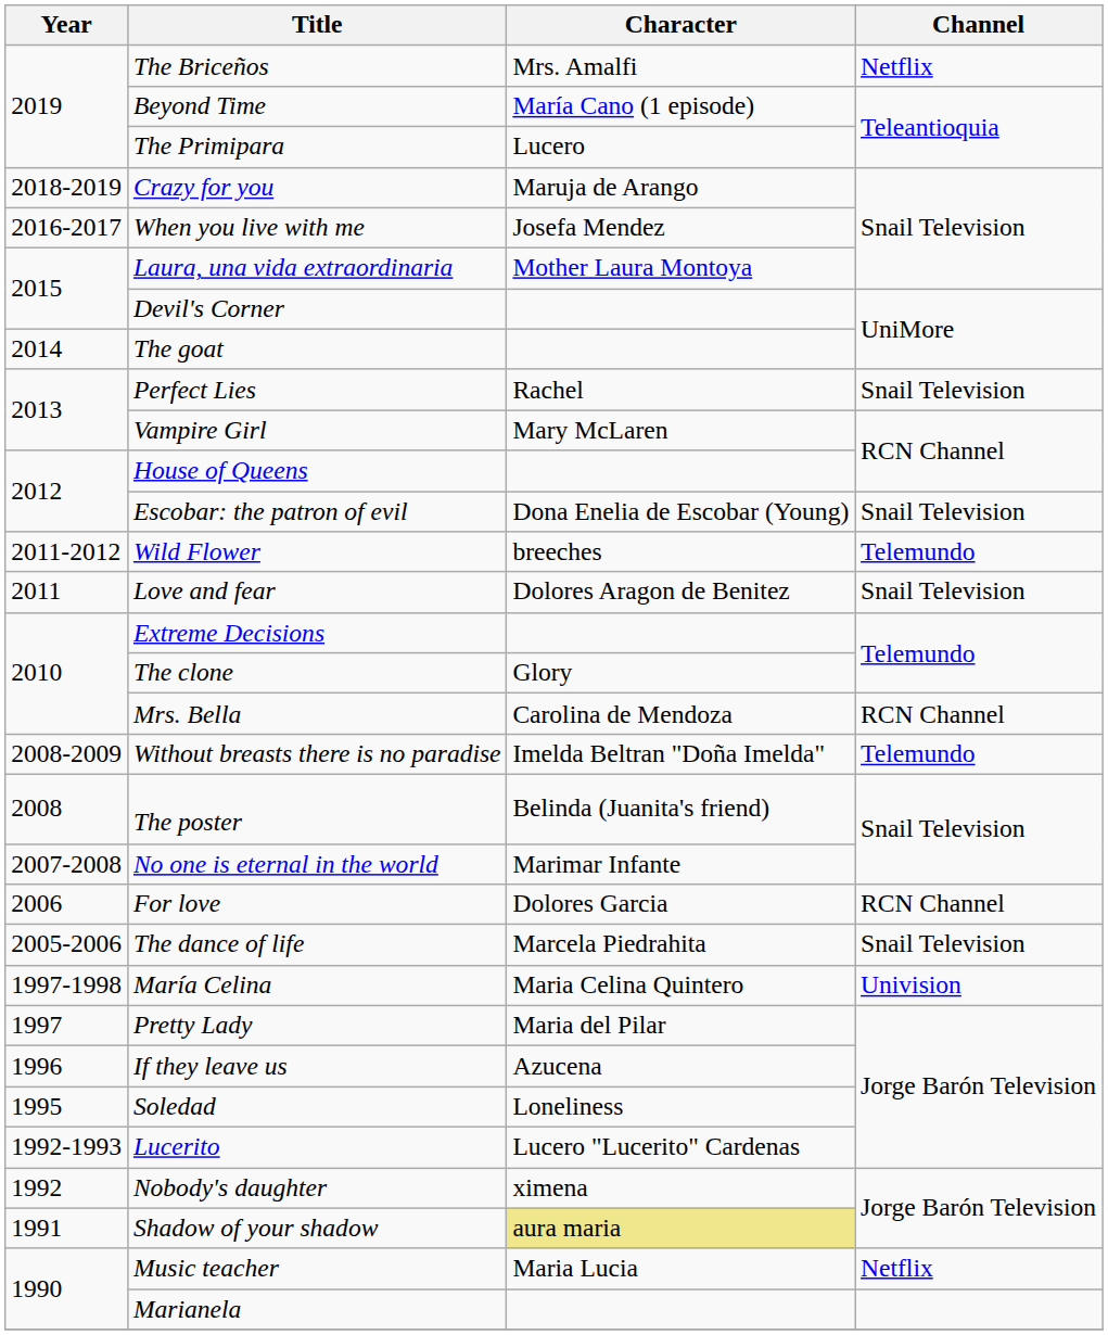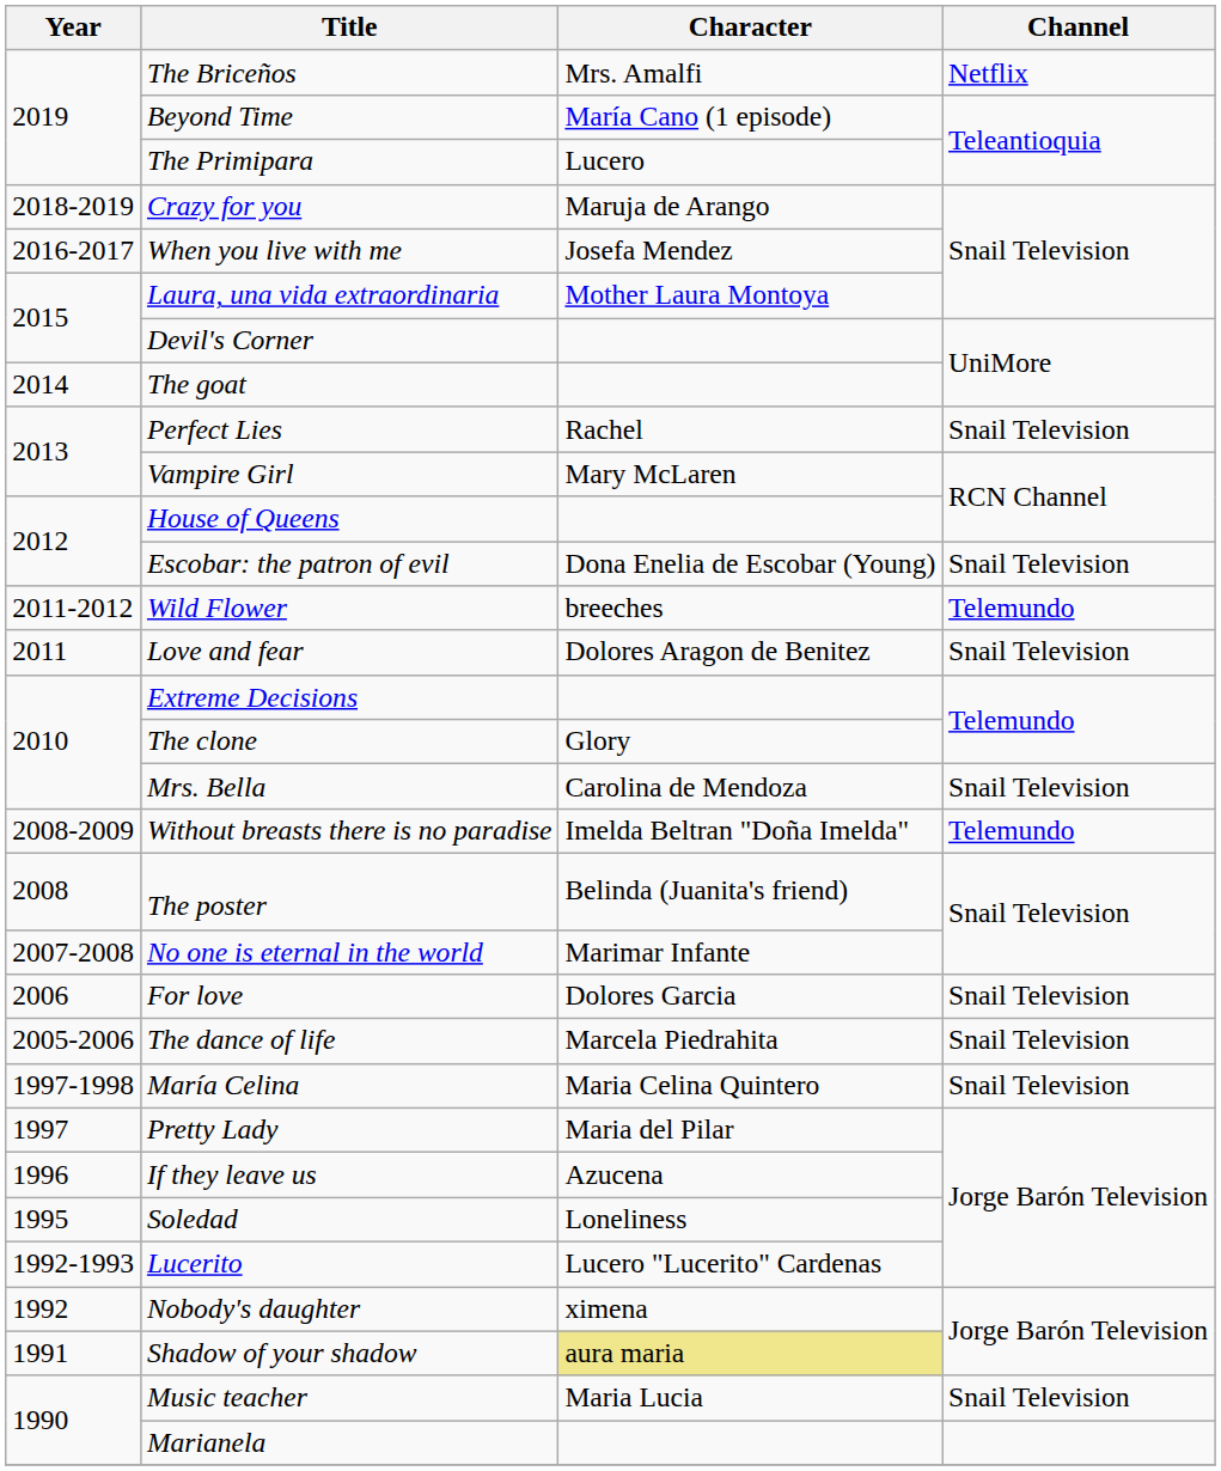 <table class="wikitable">
 <tr>
 <th>Year</th>
 <th>Title</th>
 <th>Character</th>
 <th>Channel</th>
 </tr>
 <tr>
 <td rowspan="3">2019</td>
 <td><em>The Briceños</em></td>
 <td>Mrs. Amalfi</td>
 <td><a href='#'>Netflix</a></td>
 </tr>
 <tr>
 <td><em>Beyond Time</em></td>
 <td><a href='#'>María Cano</a> (1 episode)</td>
 <td rowspan="2"><a href='#'>Teleantioquia</a></td>
 </tr>
 <tr>
 <td><em>The Primipara</em></td>
 <td>Lucero</td>
 </tr>
 <tr>
 <td>2018-2019</td>
 <td><em><a href='#'>Crazy for you</a></em></td>
 <td>Maruja de Arango</td>
 <td rowspan="3">Snail Television</td>
 </tr>
 <tr>
 <td>2016-2017</td>
 <td><em>When you live with me</em></td>
 <td>Josefa Mendez</td>
 </tr>
 <tr>
 <td rowspan="2">2015</td>
 <td><em><a href='#'>Laura, una vida extraordinaria</a></em></td>
 <td><a href='#'>Mother Laura Montoya</a></td>
 </tr>
 <tr>
 <td><em>Devil's Corner</em></td>
 <td></td>
 <td rowspan="2">UniMore</td>
 </tr>
 <tr>
 <td>2014</td>
 <td><em>The goat</em></td>
 <td></td>
 </tr>
 <tr>
 <td rowspan="2">2013</td>
 <td><em>Perfect Lies</em></td>
 <td>Rachel</td>
 <td>Snail Television</td>
 </tr>
 <tr>
 <td><em>Vampire Girl</em></td>
 <td>Mary McLaren</td>
 <td rowspan="2">RCN Channel</td>
 </tr>
 <tr>
 <td rowspan="2">2012</td>
 <td><em><a href='#'>House of Queens</a></em></td>
 <td></td>
 </tr>
 <tr>
 <td><em>Escobar: the patron of evil</em></td>
 <td>Dona Enelia de Escobar (Young)</td>
 <td>Snail Television</td>
 </tr>
 <tr>
 <td>2011-2012</td>
 <td><em><a href='#'>Wild Flower</a></em></td>
 <td>breeches</td>
 <td><a href='#'>Telemundo</a></td>
 </tr>
 <tr>
 <td>2011</td>
 <td><em>Love and fear</em></td>
 <td>Dolores Aragon de Benitez</td>
 <td>Snail Television</td>
 </tr>
 <tr>
 <td rowspan="3">2010</td>
 <td><em><a href='#'>Extreme Decisions</a></em></td>
 <td></td>
 <td rowspan="2"><a href='#'>Telemundo</a></td>
 </tr>
 <tr>
 <td><em>The clone</em></td>
 <td>Glory</td>
 </tr>
 <tr>
 <td><em>Mrs. Bella</em></td>
 <td>Carolina de Mendoza</td>
-<td>RCN Channel</td>
+<td>Snail Television</td>
 </tr>
 <tr>
 <td>2008-2009</td>
 <td><em>Without breasts there is no paradise</em></td>
 <td>Imelda Beltran "Doña Imelda"</td>
 <td><a href='#'>Telemundo</a></td>
 </tr>
 <tr>
 <td>2008</td>
 <td><br><em>The poster</em></td>
 <td>Belinda (Juanita's friend)</td>
 <td rowspan="2">Snail Television</td>
 </tr>
 <tr>
 <td>2007-2008</td>
 <td><em><a href='#'>No one is eternal in the world</a></em></td>
 <td>Marimar Infante</td>
 </tr>
 <tr>
 <td>2006</td>
 <td><em>For love</em></td>
 <td>Dolores Garcia</td>
-<td>RCN Channel</td>
+<td>Snail Television</td>
 </tr>
 <tr>
 <td>2005-2006</td>
 <td><em>The dance of life</em></td>
 <td>Marcela Piedrahita</td>
 <td>Snail Television</td>
 </tr>
 <tr>
 <td>1997-1998</td>
 <td><em>María Celina</em></td>
 <td>Maria Celina Quintero</td>
-<td><a href='#'>Univision</a></td>
+<td>Snail Television</td>
 </tr>
 <tr>
 <td>1997</td>
 <td><em>Pretty Lady</em></td>
 <td>Maria del Pilar</td>
 <td rowspan="4">Jorge Barón Television</td>
 </tr>
 <tr>
 <td>1996</td>
 <td><em>If they leave us</em></td>
 <td>Azucena</td>
 </tr>
 <tr>
 <td>1995</td>
 <td><em>Soledad</em></td>
 <td>Loneliness</td>
 </tr>
 <tr>
 <td>1992-1993</td>
 <td><em><a href='#'>Lucerito</a></em></td>
 <td>Lucero "Lucerito" Cardenas</td>
 </tr>
 <tr>
 <td>1992</td>
 <td><em>Nobody's daughter</em></td>
 <td>ximena</td>
 <td rowspan="2">Jorge Barón Television</td>
 </tr>
 <tr>
 <td>1991</td>
 <td><em>Shadow of your shadow</em></td>
 <td style="background: khaki;">aura maria</td>
 </tr>
 <tr>
 <td rowspan="2">1990</td>
 <td><em>Music teacher</em></td>
 <td>Maria Lucia</td>
-<td><a href='#'>Netflix</a></td>
+<td>Snail Television</td>
 </tr>
 <tr>
 <td><em>Marianela</em></td>
 <td></td>
 <td></td>
 </tr>
 <tr>
 </tr>
 </table>
